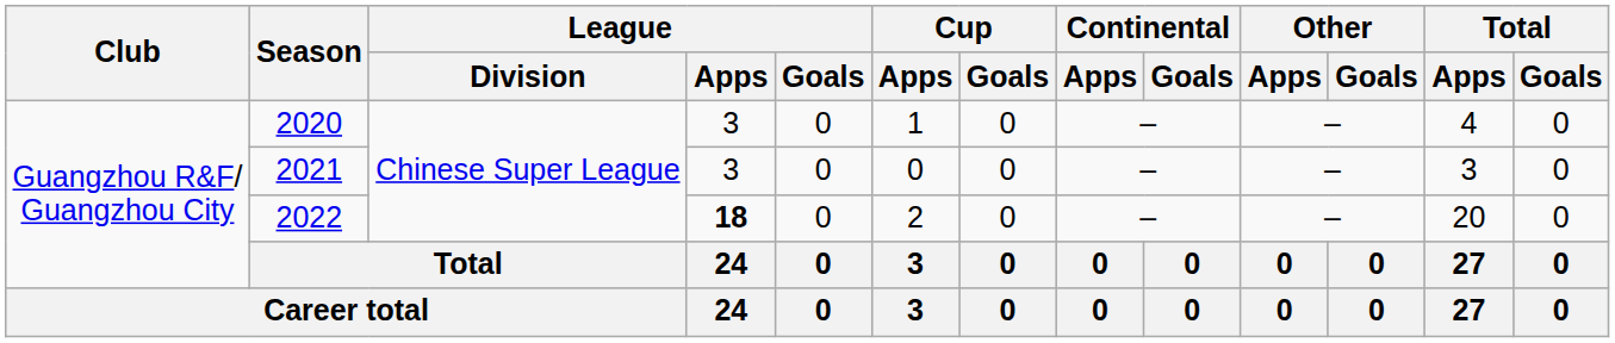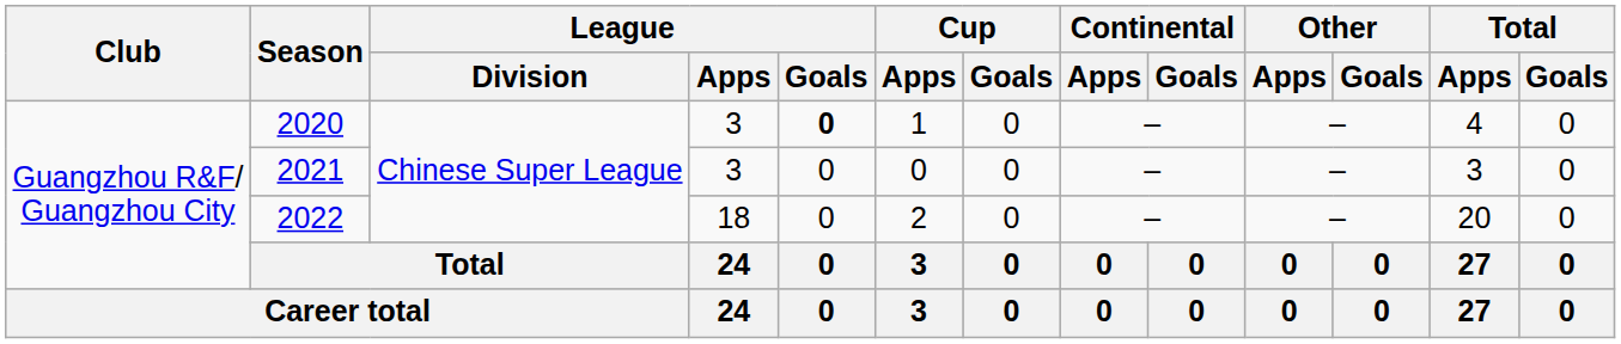 <table class="wikitable" style="text-align: center">
 <tr>
 <th rowspan="2">Club</th>
 <th rowspan="2">Season</th>
 <th colspan="3">League</th>
 <th colspan="2">Cup</th>
 <th colspan="2">Continental</th>
 <th colspan="2">Other</th>
 <th colspan="2">Total</th>
 </tr>
 <tr>
 <th>Division</th>
 <th>Apps</th>
 <th>Goals</th>
 <th>Apps</th>
 <th>Goals</th>
 <th>Apps</th>
 <th>Goals</th>
 <th>Apps</th>
 <th>Goals</th>
 <th>Apps</th>
 <th>Goals</th>
 </tr>
 <tr>
 <td rowspan=4><a href='#'>Guangzhou R&F</a>/<br><a href='#'>Guangzhou City</a></td>
 <td><a href='#'>2020</a></td>
 <td rowspan=3><a href='#'>Chinese Super League</a></td>
 <td>3</td>
-<td>0</td>
+<td><strong>0</strong></td>
 <td>1</td>
 <td>0</td>
 <td colspan="2">–</td>
 <td colspan="2">–</td>
 <td>4</td>
 <td>0</td>
 </tr>
 <tr>
 <td><a href='#'>2021</a></td>
 <td>3</td>
 <td>0</td>
 <td>0</td>
 <td>0</td>
 <td colspan="2">–</td>
 <td colspan="2">–</td>
 <td>3</td>
 <td>0</td>
 </tr>
 <tr>
 <td><a href='#'>2022</a></td>
-<td><strong>18</strong></td>
+<td>18</td>
 <td>0</td>
 <td>2</td>
 <td>0</td>
 <td colspan="2">–</td>
 <td colspan="2">–</td>
 <td>20</td>
 <td>0</td>
 </tr>
 <tr>
 <th colspan=2>Total</th>
 <th>24</th>
 <th>0</th>
 <th>3</th>
 <th>0</th>
 <th>0</th>
 <th>0</th>
 <th>0</th>
 <th>0</th>
 <th>27</th>
 <th>0</th>
 </tr>
 <tr>
 <th colspan=3>Career total</th>
 <th>24</th>
 <th>0</th>
 <th>3</th>
 <th>0</th>
 <th>0</th>
 <th>0</th>
 <th>0</th>
 <th>0</th>
 <th>27</th>
 <th>0</th>
 </tr>
 </table>
